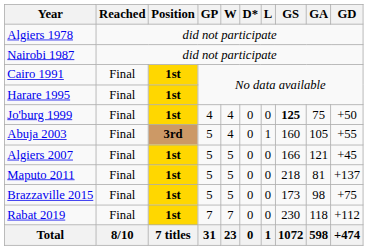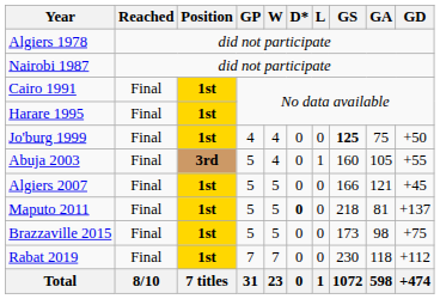 <table class="wikitable" style="text-align: center;">
 <tr>
 <th>Year</th>
 <th>Reached</th>
 <th>Position</th>
 <th>GP</th>
 <th>W</th>
 <th>D*</th>
 <th>L</th>
 <th>GS</th>
 <th>GA</th>
 <th>GD</th>
 </tr>
 <tr>
 <td align=left> <a href='#'>Algiers 1978</a></td>
 <td colspan="9"><em>did not participate</em></td>
 </tr>
 <tr>
 <td align=left> <a href='#'>Nairobi 1987</a></td>
 <td colspan="9"><em>did not participate</em></td>
 </tr>
 <tr>
 <td align=left> <a href='#'>Cairo 1991</a></td>
 <td>Final</td>
 <td bgcolor=gold><strong>1st</strong></td>
 <td rowspan=2 colspan="7"><em>No data available</em></td>
 </tr>
 <tr>
 <td align=left> <a href='#'>Harare 1995</a></td>
 <td>Final</td>
 <td bgcolor=gold><strong>1st</strong></td>
 </tr>
 <tr>
 <td align=left> <a href='#'>Jo'burg 1999</a></td>
 <td>Final</td>
 <td bgcolor=gold><strong>1st</strong></td>
 <td>4</td>
 <td>4</td>
 <td>0</td>
 <td>0</td>
 <td><strong>125</strong></td>
 <td>75</td>
 <td>+50</td>
 </tr>
 <tr>
 <td align=left> <a href='#'>Abuja 2003</a></td>
 <td>Final</td>
 <td bgcolor=#cc9966><strong>3rd</strong></td>
 <td>5</td>
 <td>4</td>
 <td>0</td>
 <td>1</td>
 <td>160</td>
 <td>105</td>
 <td>+55</td>
 </tr>
 <tr>
 <td align=left> <a href='#'>Algiers 2007</a></td>
 <td>Final</td>
 <td bgcolor=gold><strong>1st</strong></td>
 <td>5</td>
 <td>5</td>
 <td>0</td>
 <td>0</td>
 <td>166</td>
 <td>121</td>
 <td>+45</td>
 </tr>
 <tr>
 <td align=left> <a href='#'>Maputo 2011</a></td>
 <td>Final</td>
 <td bgcolor=gold><strong>1st</strong></td>
 <td>5</td>
 <td>5</td>
-<td>0</td>
+<td><strong>0</strong></td>
 <td>0</td>
 <td>218</td>
 <td>81</td>
 <td>+137</td>
 </tr>
 <tr>
 <td align=left> <a href='#'>Brazzaville 2015</a></td>
 <td>Final</td>
 <td bgcolor=gold><strong>1st</strong></td>
 <td>5</td>
 <td>5</td>
 <td>0</td>
 <td>0</td>
 <td>173</td>
 <td>98</td>
 <td>+75</td>
 </tr>
 <tr>
 <td align=left> <a href='#'>Rabat 2019</a></td>
 <td>Final</td>
 <td bgcolor=gold><strong>1st</strong></td>
 <td>7</td>
 <td>7</td>
 <td>0</td>
 <td>0</td>
 <td>230</td>
 <td>118</td>
 <td>+112</td>
 </tr>
 <tr>
 <th>Total</th>
 <th>8/10</th>
 <th>7 titles</th>
 <th>31</th>
 <th>23</th>
 <th>0</th>
 <th>1</th>
 <th>1072</th>
 <th>598</th>
 <th>+474</th>
 </tr>
 </table>
